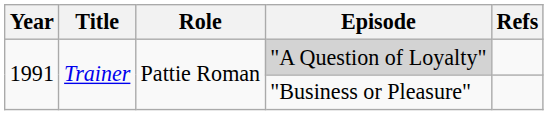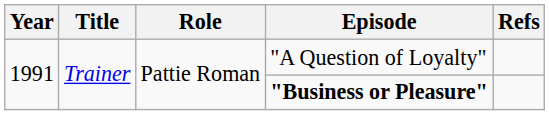 <table class="wikitable sortable">
 <tr>
 <th scope="col">Year</th>
 <th scope="col">Title</th>
 <th scope="col">Role</th>
 <th scope="col" class="unsortable">Episode</th>
 <th scope="col" class="unsortable">Refs</th>
 </tr>
 <tr>
 <td rowspan="2">1991</td>
 <td rowspan="2"><em><a href='#'>Trainer</a></em></td>
 <td rowspan="2">Pattie Roman</td>
-<td style="background: lightgrey;">"A Question of Loyalty"</td>
+<td>"A Question of Loyalty"</td>
 <td></td>
 </tr>
 <tr>
-<td>"Business or Pleasure"</td>
+<td><strong>"Business or Pleasure"</strong></td>
 <td></td>
 </tr>
 </table>
